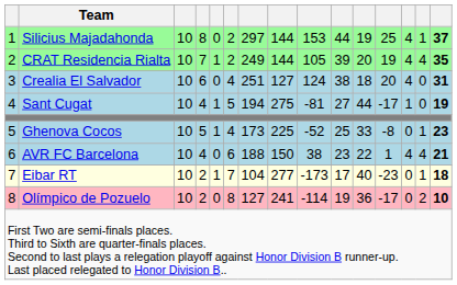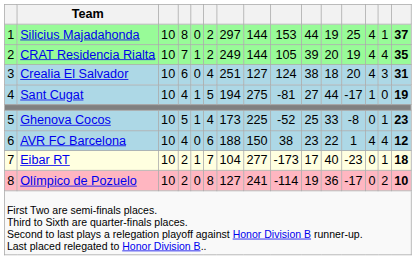 <table class="wikitable" style="text-align:center;">
 <tr>
 <th></th>
 <th>Team</th>
 <th></th>
 <th></th>
 <th></th>
 <th></th>
 <th></th>
 <th></th>
 <th></th>
 <th></th>
 <th></th>
 <th></th>
 <th></th>
 <th></th>
 <th></th>
 </tr>
 <tr bgcolor=palegreen>
 <td>1</td>
 <td align="left"><a href='#'>Silicius Majadahonda</a></td>
 <td>10</td>
 <td>8</td>
 <td>0</td>
 <td>2</td>
 <td>297</td>
 <td>144</td>
 <td>153</td>
 <td>44</td>
 <td>19</td>
 <td>25</td>
 <td>4</td>
 <td>1</td>
 <td><strong>37</strong></td>
 </tr>
 <tr bgcolor=palegreen>
 <td>2</td>
 <td align="left"><a href='#'>CRAT Residencia Rialta</a></td>
 <td>10</td>
 <td>7</td>
 <td>1</td>
 <td>2</td>
 <td>249</td>
 <td>144</td>
 <td>105</td>
 <td>39</td>
 <td>20</td>
 <td>19</td>
 <td>4</td>
 <td>4</td>
 <td><strong>35</strong></td>
 </tr>
 <tr bgcolor=lightblue>
 <td>3</td>
 <td align="left"><a href='#'>Crealia El Salvador</a></td>
 <td>10</td>
 <td>6</td>
 <td>0</td>
 <td>4</td>
 <td>251</td>
 <td>127</td>
 <td>124</td>
 <td>38</td>
 <td>18</td>
 <td>20</td>
 <td>4</td>
-<td>0</td>
+<td>3</td>
 <td><strong>31</strong></td>
 </tr>
 <tr bgcolor=lightblue>
 <td>4</td>
 <td align="left"><a href='#'>Sant Cugat</a></td>
 <td>10</td>
 <td>4</td>
 <td>1</td>
 <td>5</td>
 <td>194</td>
 <td>275</td>
 <td>-81</td>
 <td>27</td>
 <td>44</td>
 <td>-17</td>
 <td>1</td>
 <td>0</td>
 <td><strong>19</strong></td>
 </tr>
 <tr bgcolor=grey>
 <td colspan="15"></td>
 </tr>
 <tr bgcolor=lightblue>
 <td>5</td>
 <td align="left"><a href='#'>Ghenova Cocos</a></td>
 <td>10</td>
 <td>5</td>
 <td>1</td>
 <td>4</td>
 <td>173</td>
 <td>225</td>
 <td>-52</td>
 <td>25</td>
 <td>33</td>
 <td>-8</td>
 <td>0</td>
 <td>1</td>
 <td><strong>23</strong></td>
 </tr>
 <tr bgcolor=lightblue>
 <td>6</td>
 <td align="left"><a href='#'>AVR FC Barcelona</a></td>
 <td>10</td>
 <td>4</td>
 <td>0</td>
 <td>6</td>
 <td>188</td>
 <td>150</td>
 <td>38</td>
 <td>23</td>
 <td>22</td>
 <td>1</td>
 <td>4</td>
 <td>4</td>
-<td><strong>21</strong></td>
+<td><strong>12</strong></td>
 </tr>
 <tr bgcolor=lightyellow>
 <td>7</td>
 <td align="left"><a href='#'>Eibar RT</a></td>
 <td>10</td>
 <td>2</td>
 <td>1</td>
 <td>7</td>
 <td>104</td>
 <td>277</td>
 <td>-173</td>
 <td>17</td>
 <td>40</td>
 <td>-23</td>
 <td>0</td>
 <td>1</td>
 <td><strong>18</strong></td>
 </tr>
 <tr bgcolor=lightpink>
 <td>8</td>
 <td align="left"><a href='#'>Olímpico de Pozuelo</a></td>
 <td>10</td>
 <td>2</td>
 <td>0</td>
 <td>8</td>
 <td>127</td>
 <td>241</td>
 <td>-114</td>
 <td>19</td>
 <td>36</td>
 <td>-17</td>
 <td>0</td>
 <td>2</td>
 <td><strong>10</strong></td>
 </tr>
 <tr | style="text-align:left;" |>
 <td colspan="15" style="border:0px; font-size:smaller"><br><span>First Two</span> are semi-finals places. <br> <span>Third to Sixth</span> are quarter-finals places. <br> <span>Second to last</span> plays a relegation playoff against <a href='#'>Honor Division B</a> runner-up. <br> <span>Last placed</span> relegated to <a href='#'>Honor Division B</a>..</td>
 </tr>
 </table>
